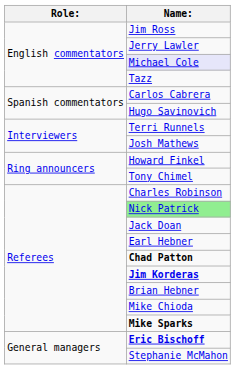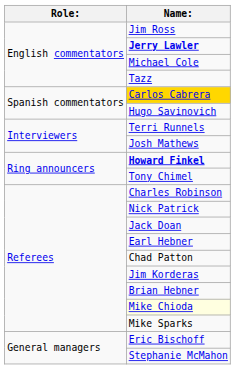 <table class=wikitable style="font-size:90%; margin: 0.5em 0 0.5em 1em; float: right; clear: right;">
 <tr>
 <th>Role:</th>
 <th>Name:</th>
 </tr>
 <tr>
 <td rowspan=4>English <a href='#'>commentators</a></td>
 <td><a href='#'>Jim Ross</a> </td>
 </tr>
 <tr>
-<td><a href='#'>Jerry Lawler</a> </td>
+<td><strong><a href='#'>Jerry Lawler</a> </strong></td>
 </tr>
 <tr>
-<td style="background: lavender;"><a href='#'>Michael Cole</a> </td>
+<td><a href='#'>Michael Cole</a> </td>
 </tr>
 <tr>
 <td><a href='#'>Tazz</a> </td>
 </tr>
 <tr>
 <td rowspan=2>Spanish commentators</td>
-<td><a href='#'>Carlos Cabrera</a></td>
+<td style="background: gold;"><a href='#'>Carlos Cabrera</a></td>
 </tr>
 <tr>
 <td><a href='#'>Hugo Savinovich</a></td>
 </tr>
 <tr>
 <td rowspan="2"><a href='#'>Interviewers</a></td>
 <td><a href='#'>Terri Runnels</a></td>
 </tr>
 <tr>
 <td><a href='#'>Josh Mathews</a></td>
 </tr>
 <tr>
 <td rowspan=2><a href='#'>Ring announcers</a></td>
-<td><a href='#'>Howard Finkel</a> </td>
+<td><strong><a href='#'>Howard Finkel</a> </strong></td>
 </tr>
 <tr>
 <td><a href='#'>Tony Chimel</a> </td>
 </tr>
 <tr>
 <td rowspan=9><a href='#'>Referees</a></td>
 <td><a href='#'>Charles Robinson</a> </td>
 </tr>
 <tr>
-<td style="background: lightgreen;"><a href='#'>Nick Patrick</a> </td>
+<td><a href='#'>Nick Patrick</a> </td>
 </tr>
 <tr>
 <td><a href='#'>Jack Doan</a> </td>
 </tr>
 <tr>
 <td><a href='#'>Earl Hebner</a> </td>
 </tr>
 <tr>
-<td><strong>Chad Patton </strong></td>
+<td>Chad Patton </td>
 </tr>
 <tr>
-<td><strong><a href='#'>Jim Korderas</a> </strong></td>
+<td><a href='#'>Jim Korderas</a> </td>
 </tr>
 <tr>
 <td><a href='#'>Brian Hebner</a> </td>
 </tr>
 <tr>
-<td><a href='#'>Mike Chioda</a> </td>
+<td style="background: lightyellow;"><a href='#'>Mike Chioda</a> </td>
 </tr>
 <tr>
-<td><strong>Mike Sparks </strong></td>
+<td>Mike Sparks </td>
 </tr>
 <tr>
 <td rowspan="2">General managers</td>
-<td><strong><a href='#'>Eric Bischoff</a> </strong></td>
+<td><a href='#'>Eric Bischoff</a> </td>
 </tr>
 <tr>
 <td><a href='#'>Stephanie McMahon</a> </td>
 </tr>
 </table>
